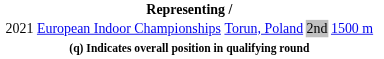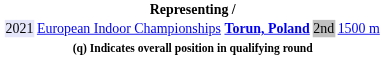 <table>
 <tr>
 <th colspan=6>Representing  / </th>
 </tr>
 <tr>
-<td>2021</td>
+<td style="background: lavender;">2021</td>
 <td><a href='#'>European Indoor Championships</a></td>
-<td><a href='#'>Torun, Poland</a></td>
+<td><strong><a href='#'>Torun, Poland</a></strong></td>
 <td bgcolor=Silver>2nd</td>
 <td><a href='#'>1500 m</a></td>
 </tr>
 <tr>
 <th colspan=6><small><strong> (q) Indicates overall position in qualifying round</strong></small></th>
 </tr>
 </table>
